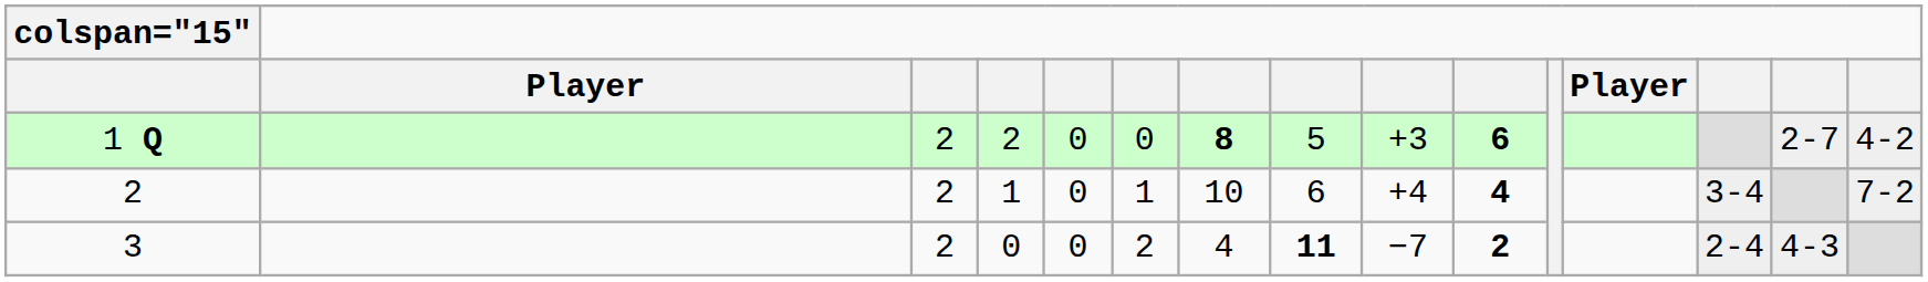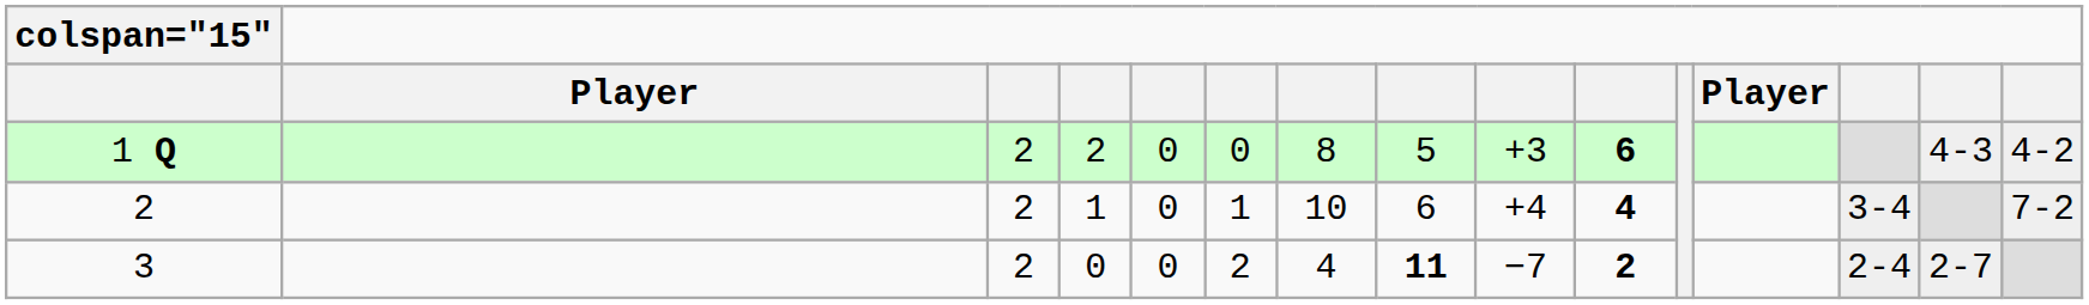 <table class=wikitable style=text-align:center>
 <tr>
 <th>colspan="15" </th>
 </tr>
 <tr>
 <th width=20 abbr=Position></th>
 <th width=250>Player</th>
 <th width=20 abbr=Played></th>
 <th width=20 abbr=Won></th>
 <th width=20 abbr=Drawn></th>
 <th width=20 abbr=Lost></th>
 <th width=30 abbr=Points for></th>
 <th width=30 abbr=Points against></th>
 <th width=30 abbr=Points difference></th>
 <th width=30 abbr=Points></th>
 <th rowspan="4" abbr=H2H></th>
 <th>Player</th>
 <th></th>
 <th></th>
 <th></th>
 </tr>
 <tr bgcolor=#CCFFCC>
 <td>1 <strong>Q</strong></td>
 <td align=left><strong></strong></td>
 <td>2</td>
 <td>2</td>
 <td>0</td>
 <td>0</td>
-<td><strong>8</strong></td>
+<td>8</td>
 <td>5</td>
 <td>+3</td>
 <td><strong>6</strong></td>
 <td></td>
 <td bgcolor="#dddddd"> </td>
-<td bgcolor="#efefef">2-7</td>
+<td bgcolor="#efefef">4-3</td>
 <td bgcolor="#efefef">4-2</td>
 </tr>
 <tr>
 <td>2  </td>
 <td align=left><strong></strong></td>
 <td>2</td>
 <td>1</td>
 <td>0</td>
 <td>1</td>
 <td>10</td>
 <td>6</td>
 <td>+4</td>
 <td><strong>4</strong></td>
 <td></td>
 <td bgcolor="#efefef">3-4</td>
 <td bgcolor="#dddddd"> </td>
 <td bgcolor="#efefef">7-2</td>
 </tr>
 <tr>
 <td>3 </td>
 <td align=left></td>
 <td>2</td>
 <td>0</td>
 <td>0</td>
 <td>2</td>
 <td>4</td>
 <td><strong>11</strong></td>
 <td>−7</td>
 <td><strong>2</strong></td>
 <td></td>
 <td bgcolor="#efefef">2-4</td>
-<td bgcolor="#efefef">4-3</td>
+<td bgcolor="#efefef">2-7</td>
 <td bgcolor="#dddddd"> </td>
 </tr>
 </table>
